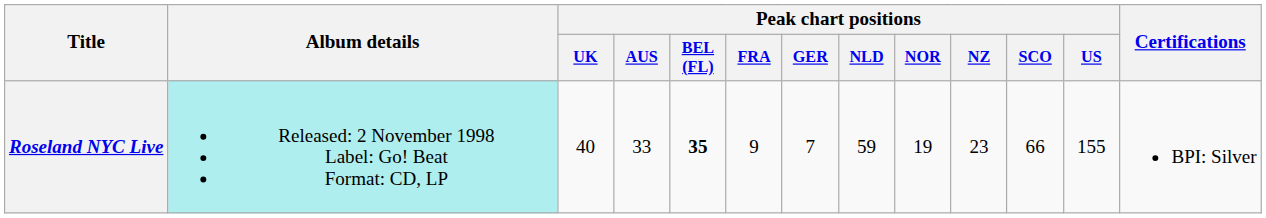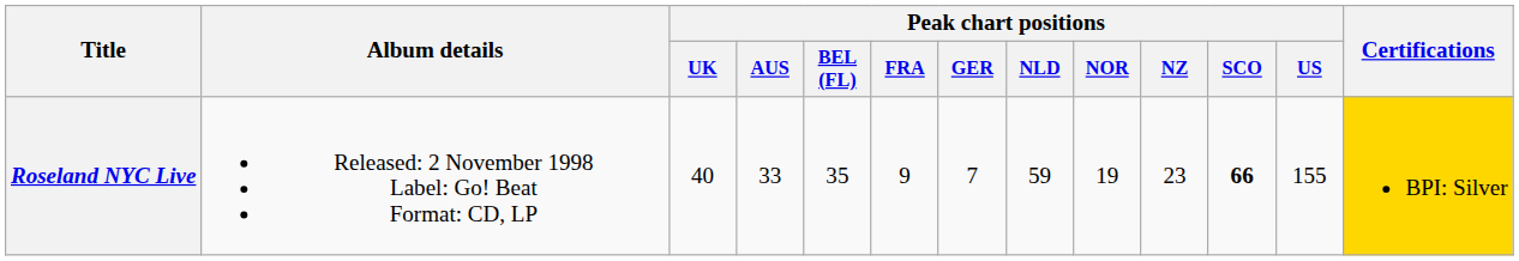 <table class="wikitable plainrowheaders" style="text-align:center;">
 <tr>
 <th rowspan="2">Title</th>
 <th rowspan="2" style="width:20em">Album details</th>
 <th colspan="10">Peak chart positions</th>
 <th rowspan="2"><a href='#'>Certifications</a></th>
 </tr>
 <tr>
 <th scope="col" style="width:3em;font-size:85%;"><a href='#'>UK</a><br></th>
 <th scope="col" style="width:3em;font-size:85%;"><a href='#'>AUS</a><br></th>
 <th scope="col" style="width:3em;font-size:85%;"><a href='#'>BEL<br>(FL)</a><br></th>
 <th scope="col" style="width:3em;font-size:85%;"><a href='#'>FRA</a><br></th>
 <th scope="col" style="width:3em;font-size:85%;"><a href='#'>GER</a><br></th>
 <th scope="col" style="width:3em;font-size:85%;"><a href='#'>NLD</a><br></th>
 <th scope="col" style="width:3em;font-size:85%;"><a href='#'>NOR</a><br></th>
 <th scope="col" style="width:3em;font-size:85%;"><a href='#'>NZ</a><br></th>
 <th scope="col" style="width:3em;font-size:85%;"><a href='#'>SCO</a><br></th>
 <th scope="col" style="width:3em;font-size:85%;"><a href='#'>US</a><br></th>
 </tr>
 <tr>
 <th scope="row"><em><a href='#'>Roseland NYC Live</a></em></th>
-<td style="background: paleturquoise;"><br><ul><li>Released: 2 November 1998</li><li>Label: Go! Beat </li><li>Format: CD, LP</li></ul></td>
+<td><br><ul><li>Released: 2 November 1998</li><li>Label: Go! Beat </li><li>Format: CD, LP</li></ul></td>
 <td>40</td>
 <td>33</td>
-<td><strong>35</strong></td>
+<td>35</td>
 <td>9</td>
 <td>7</td>
 <td>59</td>
 <td>19</td>
 <td>23</td>
-<td>66</td>
+<td><strong>66</strong></td>
 <td>155</td>
-<td><br><ul><li>BPI: Silver</li></ul></td>
+<td style="background: gold;"><br><ul><li>BPI: Silver</li></ul></td>
 </tr>
 </table>
